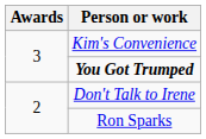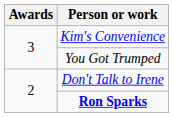 <table class="wikitable sortable" style="text-align:center;" background: #f6e39c;>
 <tr>
 <th scope="col" style="width:55px;">Awards</th>
 <th scope="col" style="text-align:center;">Person or work</th>
 </tr>
 <tr>
 <td rowspan=2 style="text-align:center">3</td>
 <td><em><a href='#'>Kim's Convenience</a></em></td>
 </tr>
 <tr>
-<td><strong><em>You Got Trumped</em></strong></td>
+<td><em>You Got Trumped</em></td>
 </tr>
 <tr>
 <td rowspan=2 style="text-align:center">2</td>
 <td><em><a href='#'>Don't Talk to Irene</a></em></td>
 </tr>
 <tr>
-<td><a href='#'>Ron Sparks</a></td>
+<td><strong><a href='#'>Ron Sparks</a></strong></td>
 </tr>
 </table>
